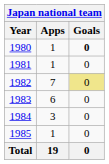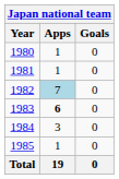 <table class="wikitable" style="text-align:center">
 <tr>
 <th colspan=3><a href='#'>Japan national team</a></th>
 </tr>
 <tr>
 <th>Year</th>
 <th>Apps</th>
 <th>Goals</th>
 </tr>
 <tr>
 <td><a href='#'>1980</a></td>
 <td>1</td>
-<td><strong>0</strong></td>
+<td>0</td>
 </tr>
 <tr>
 <td><a href='#'>1981</a></td>
 <td>1</td>
 <td>0</td>
 </tr>
 <tr>
 <td><a href='#'>1982</a></td>
-<td>7</td>
-<td style="background: khaki;">0</td>
+<td style="background: lightblue;">7</td>
+<td>0</td>
 </tr>
 <tr>
 <td><a href='#'>1983</a></td>
-<td>6</td>
+<td><strong>6</strong></td>
 <td>0</td>
 </tr>
 <tr>
 <td><a href='#'>1984</a></td>
 <td>3</td>
 <td>0</td>
 </tr>
 <tr>
 <td><a href='#'>1985</a></td>
 <td>1</td>
 <td>0</td>
 </tr>
 <tr>
 <th>Total</th>
 <th>19</th>
 <th>0</th>
 </tr>
 </table>
